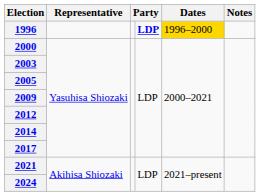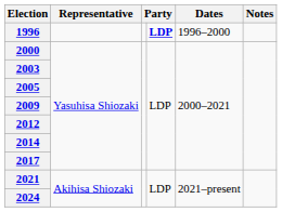 <table class=wikitable>
 <tr valign=bottom>
 <th>Election</th>
 <th>Representative</th>
 <th colspan="2">Party</th>
 <th>Dates</th>
 <th>Notes</th>
 </tr>
 <tr>
 <th><a href='#'>1996</a></th>
 <td></td>
 <td bgcolor=></td>
 <td><strong><a href='#'>LDP</a></strong></td>
-<td style="background: gold;">1996–2000</td>
+<td>1996–2000</td>
 <td></td>
 </tr>
 <tr>
 <th><a href='#'>2000</a></th>
 <td rowspan="7"><a href='#'>Yasuhisa Shiozaki</a></td>
 <td rowspan="7" bgcolor=></td>
 <td rowspan="7">LDP</td>
 <td rowspan="7">2000–2021</td>
 <td rowspan="7"></td>
 </tr>
 <tr>
 <th><a href='#'>2003</a></th>
 </tr>
 <tr>
 <th><a href='#'>2005</a></th>
 </tr>
 <tr>
 <th><a href='#'>2009</a></th>
 </tr>
 <tr>
 <th><a href='#'>2012</a></th>
 </tr>
 <tr>
 <th><a href='#'>2014</a></th>
 </tr>
 <tr>
 <th><a href='#'>2017</a></th>
 </tr>
 <tr>
 <th><a href='#'>2021</a></th>
 <td rowspan="2"><a href='#'>Akihisa Shiozaki</a></td>
 <td rowspan="2" bgcolor=></td>
 <td rowspan="2">LDP</td>
 <td rowspan="2">2021–present</td>
 <td rowspan="2"></td>
 </tr>
 <tr>
 <th><a href='#'>2024</a></th>
 </tr>
 </table>
